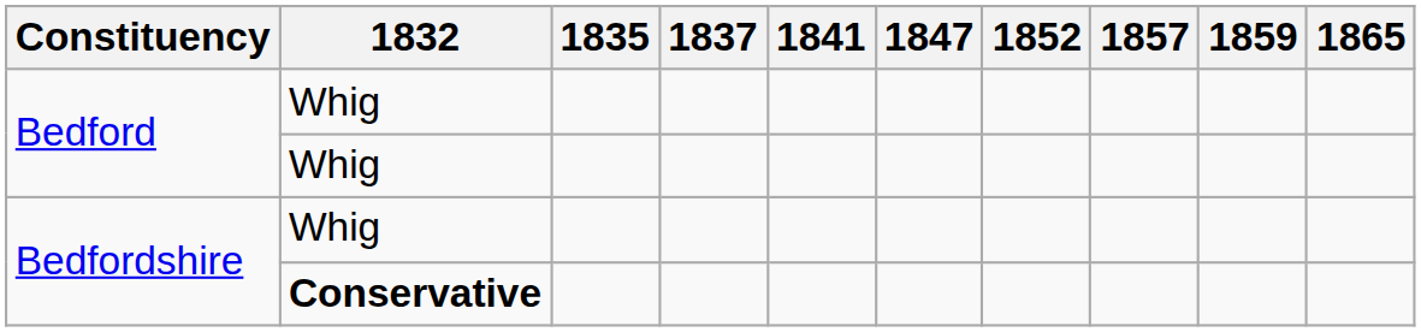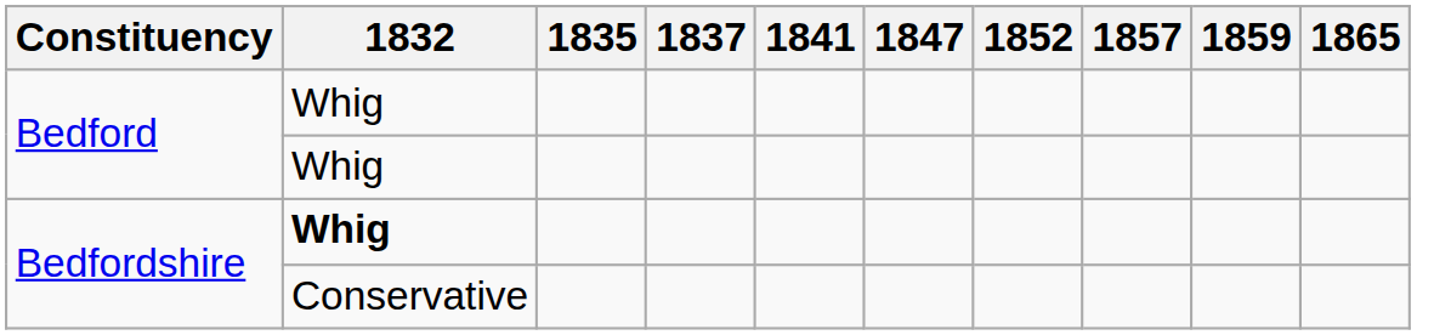 <table class=wikitable sortable>
 <tr>
 <th>Constituency</th>
 <th>1832</th>
 <th>1835</th>
 <th>1837</th>
 <th>1841</th>
 <th>1847</th>
 <th>1852</th>
 <th>1857</th>
 <th>1859</th>
 <th>1865</th>
 </tr>
 <tr>
 <td rowspan=2><a href='#'>Bedford</a></td>
 <td bgcolor=>Whig</td>
 <td></td>
 <td></td>
 <td></td>
 <td></td>
 <td></td>
 <td></td>
 <td></td>
 <td></td>
 </tr>
 <tr>
 <td bgcolor=>Whig</td>
 <td></td>
 <td></td>
 <td></td>
 <td></td>
 <td></td>
 <td></td>
 <td></td>
 <td></td>
 </tr>
 <tr>
 <td rowspan=2><a href='#'>Bedfordshire</a></td>
-<td bgcolor=>Whig</td>
+<td bgcolor=><strong>Whig</strong></td>
 <td></td>
 <td></td>
 <td></td>
 <td></td>
 <td></td>
 <td></td>
 <td></td>
 <td></td>
 </tr>
 <tr>
-<td bgcolor=><strong>Conservative</strong></td>
+<td bgcolor=>Conservative</td>
 <td></td>
 <td></td>
 <td></td>
 <td></td>
 <td></td>
 <td></td>
 <td></td>
 <td></td>
 </tr>
 </table>
